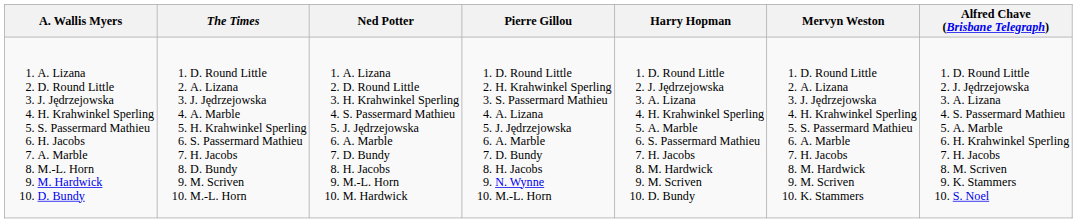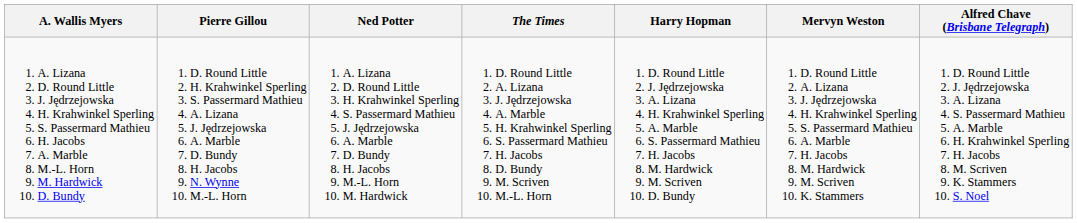 <table class="wikitable">
 <tr>
 <th>A. Wallis Myers</th>
+<th>Pierre Gillou</th>
+<th>Ned Potter</th>
 <th><em>The Times</em></th>
-<th>Ned Potter</th>
-<th>Pierre Gillou</th>
 <th>Harry Hopman</th>
 <th>Mervyn Weston</th>
 <th>Alfred Chave<br>(<a href='#'><em>Brisbane Telegraph</em></a>)</th>
 </tr>
 <tr style="vertical-align: top;">
 <td style="white-space: nowrap;"><br><ol><li> A. Lizana</li><li> D. Round Little</li><li> J. Jędrzejowska</li><li> H. Krahwinkel Sperling</li><li> S. Passermard Mathieu</li><li> H. Jacobs</li><li> A. Marble</li><li> M.-L. Horn</li><li> <a href='#'>M. Hardwick</a></li><li> <a href='#'>D. Bundy</a></li></ol></td>
+<td style="white-space: nowrap;"><br><ol><li> D. Round Little</li><li> H. Krahwinkel Sperling</li><li> S. Passermard Mathieu</li><li> A. Lizana</li><li> J. Jędrzejowska</li><li> A. Marble</li><li> D. Bundy</li><li> H. Jacobs</li><li> <a href='#'>N. Wynne</a></li><li> M.-L. Horn</li></ol></td>
+<td style="white-space: nowrap;"><br><ol><li> A. Lizana</li><li> D. Round Little</li><li> H. Krahwinkel Sperling</li><li> S. Passermard Mathieu</li><li> J. Jędrzejowska</li><li> A. Marble</li><li> D. Bundy</li><li> H. Jacobs</li><li> M.-L. Horn</li><li> M. Hardwick</li></ol></td>
 <td style="white-space: nowrap;"><br><ol><li> D. Round Little</li><li> A. Lizana</li><li> J. Jędrzejowska</li><li> A. Marble</li><li> H. Krahwinkel Sperling</li><li> S. Passermard Mathieu</li><li> H. Jacobs</li><li> D. Bundy</li><li> M. Scriven</li><li> M.-L. Horn</li></ol></td>
-<td style="white-space: nowrap;"><br><ol><li> A. Lizana</li><li> D. Round Little</li><li> H. Krahwinkel Sperling</li><li> S. Passermard Mathieu</li><li> J. Jędrzejowska</li><li> A. Marble</li><li> D. Bundy</li><li> H. Jacobs</li><li> M.-L. Horn</li><li> M. Hardwick</li></ol></td>
-<td style="white-space: nowrap;"><br><ol><li> D. Round Little</li><li> H. Krahwinkel Sperling</li><li> S. Passermard Mathieu</li><li> A. Lizana</li><li> J. Jędrzejowska</li><li> A. Marble</li><li> D. Bundy</li><li> H. Jacobs</li><li> <a href='#'>N. Wynne</a></li><li> M.-L. Horn</li></ol></td>
 <td style="white-space: nowrap;"><br><ol><li> D. Round Little</li><li> J. Jędrzejowska</li><li> A. Lizana</li><li> H. Krahwinkel Sperling</li><li> A. Marble</li><li> S. Passermard Mathieu</li><li> H. Jacobs</li><li> M. Hardwick</li><li> M. Scriven</li><li> D. Bundy</li></ol></td>
 <td style="white-space: nowrap;"><br><ol><li> D. Round Little</li><li> A. Lizana</li><li> J. Jędrzejowska</li><li> H. Krahwinkel Sperling</li><li> S. Passermard Mathieu</li><li> A. Marble</li><li> H. Jacobs</li><li> M. Hardwick</li><li> M. Scriven</li><li> K. Stammers</li></ol></td>
 <td style="white-space: nowrap;"><br><ol><li> D. Round Little</li><li> J. Jędrzejowska</li><li> A. Lizana</li><li> S. Passermard Mathieu</li><li> A. Marble</li><li> H. Krahwinkel Sperling</li><li> H. Jacobs</li><li> M. Scriven</li><li> K. Stammers</li><li> <a href='#'>S. Noel</a></li></ol></td>
 </tr>
 </table>
